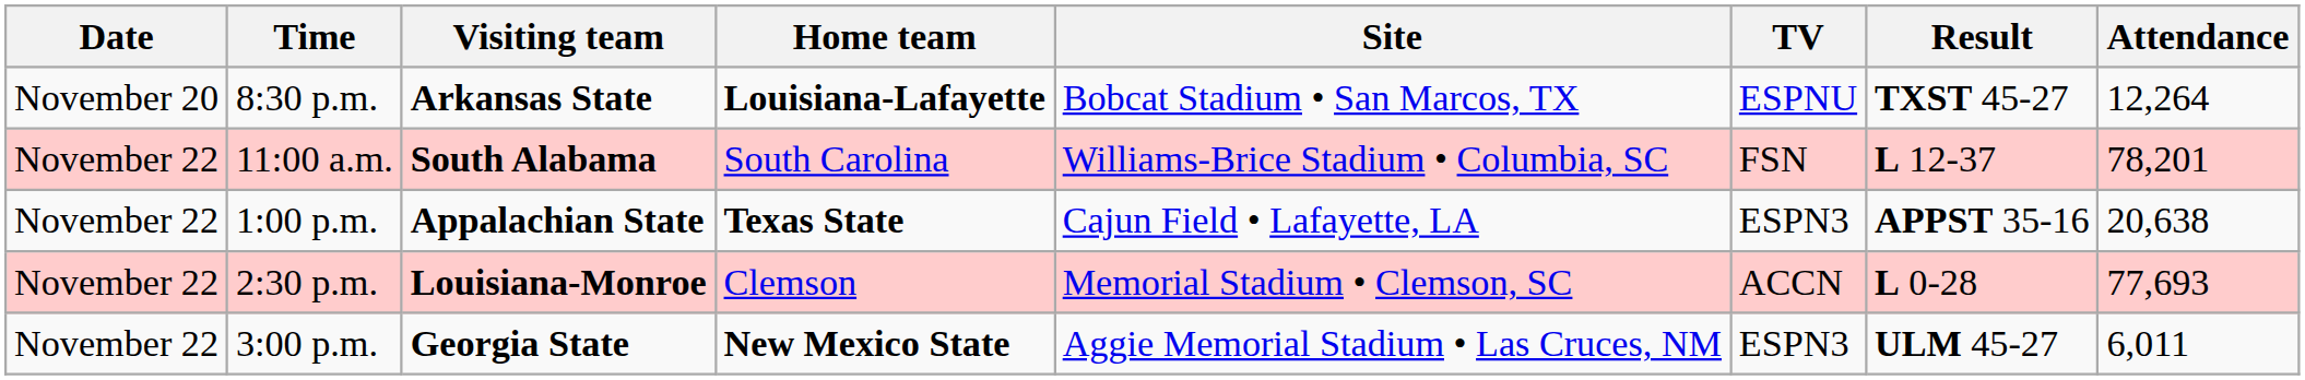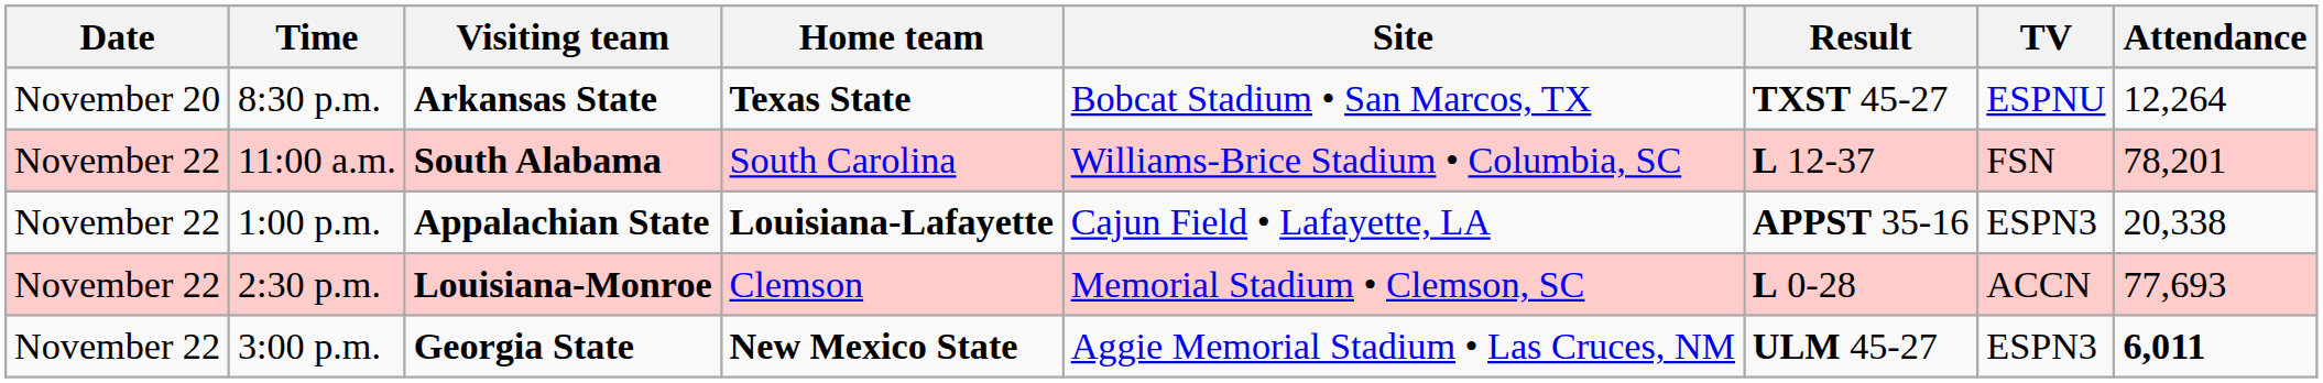 <table class="wikitable" style="font-size:95%;">
 <tr>
 <th>Date</th>
 <th>Time</th>
 <th>Visiting team</th>
 <th>Home team</th>
 <th>Site</th>
+<th>Result</th>
 <th>TV</th>
-<th>Result</th>
 <th>Attendance</th>
 </tr>
 <tr style="background:">
 <td>November 20</td>
 <td>8:30 p.m.</td>
 <td><strong>Arkansas State</strong></td>
-<td><strong>Louisiana-Lafayette</strong></td>
+<td><strong>Texas State</strong></td>
 <td><a href='#'>Bobcat Stadium</a> • <a href='#'>San Marcos, TX</a></td>
+<td><strong>TXST</strong> 45-27</td>
 <td><a href='#'>ESPNU</a></td>
-<td><strong>TXST</strong> 45-27</td>
 <td>12,264</td>
 </tr>
 <tr style="background:#fcc">
 <td>November 22</td>
 <td>11:00 a.m.</td>
 <td><strong>South Alabama</strong></td>
 <td><a href='#'>South Carolina</a></td>
 <td><a href='#'>Williams-Brice Stadium</a> • <a href='#'>Columbia, SC</a></td>
+<td><strong>L</strong> 12-37</td>
 <td>FSN</td>
-<td><strong>L</strong> 12-37</td>
 <td>78,201</td>
 </tr>
 <tr style="background:">
 <td>November 22</td>
 <td>1:00 p.m.</td>
 <td><strong>Appalachian State</strong></td>
-<td><strong>Texas State</strong></td>
+<td><strong>Louisiana-Lafayette</strong></td>
 <td><a href='#'>Cajun Field</a> • <a href='#'>Lafayette, LA</a></td>
+<td><strong>APPST</strong> 35-16</td>
 <td>ESPN3</td>
-<td><strong>APPST</strong> 35-16</td>
-<td>20,638</td>
+<td>20,338</td>
 </tr>
 <tr style="background:#fcc">
 <td>November 22</td>
 <td>2:30 p.m.</td>
 <td><strong>Louisiana-Monroe</strong></td>
 <td><a href='#'>Clemson</a></td>
 <td><a href='#'>Memorial Stadium</a> • <a href='#'>Clemson, SC</a></td>
+<td><strong>L</strong> 0-28</td>
 <td>ACCN</td>
-<td><strong>L</strong> 0-28</td>
 <td>77,693</td>
 </tr>
 <tr style="background:">
 <td>November 22</td>
 <td>3:00 p.m.</td>
 <td><strong>Georgia State</strong></td>
 <td><strong>New Mexico State</strong></td>
 <td><a href='#'>Aggie Memorial Stadium</a> • <a href='#'>Las Cruces, NM</a></td>
+<td><strong>ULM</strong> 45-27</td>
 <td>ESPN3</td>
-<td><strong>ULM</strong> 45-27</td>
-<td>6,011</td>
+<td><strong>6,011</strong></td>
 </tr>
 </table>
